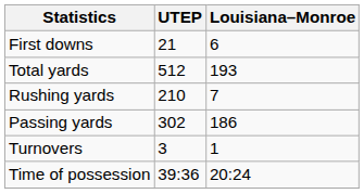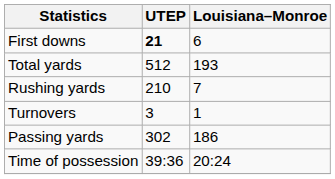 <table class="wikitable">
 <tr>
 <th>Statistics</th>
 <th>UTEP</th>
 <th>Louisiana–Monroe</th>
 </tr>
 <tr>
 <td>First downs</td>
-<td>21</td>
+<td><strong>21</strong></td>
 <td>6</td>
 </tr>
 <tr>
 <td>Total yards</td>
 <td>512</td>
 <td>193</td>
 </tr>
 <tr>
 <td>Rushing yards</td>
 <td>210</td>
 <td>7</td>
 </tr>
 <tr>
+<td>Turnovers</td>
+<td>3</td>
+<td>1</td>
+</tr>
+<tr>
 <td>Passing yards</td>
 <td>302</td>
 <td>186</td>
-</tr>
-<tr>
-<td>Turnovers</td>
-<td>3</td>
-<td>1</td>
 </tr>
 <tr>
 <td>Time of possession</td>
 <td>39:36</td>
 <td>20:24</td>
 </tr>
 <tr>
 </tr>
 </table>
